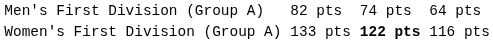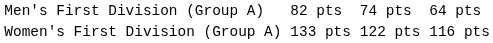 <table>
 <tr>
 <td>Men's First Division (Group A)</td>
 <td></td>
 <td>82 pts</td>
 <td></td>
 <td>74 pts</td>
 <td></td>
 <td>64 pts</td>
 </tr>
 <tr>
 <td>Women's First Division (Group A)</td>
 <td></td>
 <td>133 pts</td>
 <td></td>
-<td><strong>122 pts</strong></td>
+<td>122 pts</td>
 <td></td>
 <td>116 pts</td>
 </tr>
 </table>
